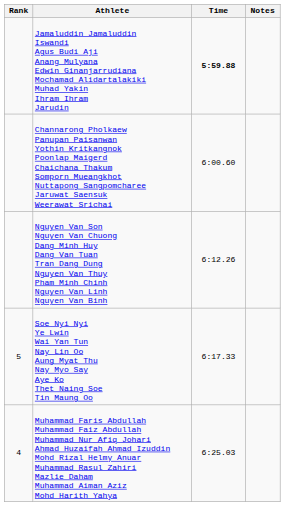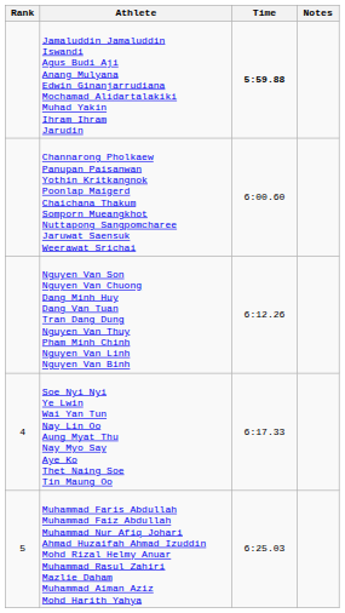 <table class="wikitable" style="text-align:center;">
 <tr>
 <th width=40>Rank</th>
 <th width=250>Athlete</th>
 <th width=80>Time</th>
 <th width=50>Notes</th>
 </tr>
 <tr>
 <td></td>
 <td align=left><br><a href='#'>Jamaluddin Jamaluddin</a><br><a href='#'>Iswandi</a><br><a href='#'>Agus Budi Aji</a><br><a href='#'>Anang Mulyana</a><br><a href='#'>Edwin Ginanjarrudiana</a><br><a href='#'>Mochamad Alidartalakiki</a><br><a href='#'>Muhad Yakin</a><br><a href='#'>Ihram Ihram</a><br><a href='#'>Jarudin</a></td>
 <td><strong>5:59.88</strong></td>
 <td></td>
 </tr>
 <tr>
 <td></td>
 <td align=left><br><a href='#'>Channarong Pholkaew</a><br><a href='#'>Panupan Paisanwan</a><br><a href='#'>Yothin Kritkangnok</a><br><a href='#'>Poonlap Maigerd</a><br><a href='#'>Chaichana Thakum</a><br><a href='#'>Somporn Mueangkhot</a><br><a href='#'>Nuttapong Sangpomcharee</a><br><a href='#'>Jaruwat Saensuk</a><br><a href='#'>Weerawat Srichai</a></td>
 <td>6:00.60</td>
 <td></td>
 </tr>
 <tr>
 <td></td>
 <td align=left><br><a href='#'>Nguyen Van Son</a><br><a href='#'>Nguyen Van Chuong</a><br><a href='#'>Dang Minh Huy</a><br><a href='#'>Dang Van Tuan</a><br><a href='#'>Tran Dang Dung</a><br><a href='#'>Nguyen Van Thuy</a><br><a href='#'>Pham Minh Chinh</a><br><a href='#'>Nguyen Van Linh</a><br><a href='#'>Nguyen Van Binh</a></td>
 <td>6:12.26</td>
 <td></td>
 </tr>
 <tr>
-<td>5</td>
+<td>4</td>
 <td align=left><br><a href='#'>Soe Nyi Nyi</a><br><a href='#'>Ye Lwin</a><br><a href='#'>Wai Yan Tun</a><br><a href='#'>Nay Lin Oo</a><br><a href='#'>Aung Myat Thu</a><br><a href='#'>Nay Myo Say</a><br><a href='#'>Aye Ko</a><br><a href='#'>Thet Naing Soe</a><br><a href='#'>Tin Maung Oo</a></td>
 <td>6:17.33</td>
 <td></td>
 </tr>
 <tr>
-<td>4</td>
+<td>5</td>
 <td align=left><br><a href='#'>Muhammad Faris Abdullah</a><br><a href='#'>Muhammad Faiz Abdullah</a><br><a href='#'>Muhammad Nur Afiq Johari</a><br><a href='#'>Ahmad Huzaifah Ahmad Izuddin</a><br><a href='#'>Mohd Rizal Helmy Anuar</a><br><a href='#'>Muhammad Rasul Zahiri</a><br><a href='#'>Mazlie Daham</a><br><a href='#'>Muhammad Aiman Aziz</a><br><a href='#'>Mohd Harith Yahya</a></td>
 <td>6:25.03</td>
 <td></td>
 </tr>
 </table>
